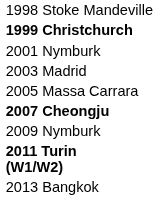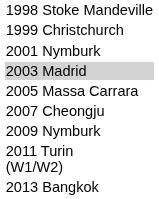 <table>
 <tr>
 <td>1998 Stoke Mandeville</td>
 <td></td>
 <td></td>
 <td></td>
 </tr>
 <tr>
-<td><strong>1999 Christchurch</strong></td>
+<td>1999 Christchurch</td>
 <td></td>
 <td></td>
 <td></td>
 </tr>
 <tr>
 <td>2001 Nymburk</td>
 <td></td>
 <td></td>
 <td></td>
 </tr>
 <tr>
-<td>2003 Madrid</td>
+<td style="background: lightgrey;">2003 Madrid</td>
 <td></td>
 <td></td>
 <td></td>
 </tr>
 <tr>
 <td>2005 Massa Carrara</td>
 <td></td>
 <td></td>
 <td></td>
 </tr>
 <tr>
-<td><strong>2007 Cheongju</strong></td>
+<td>2007 Cheongju</td>
 <td></td>
 <td></td>
 <td></td>
 </tr>
 <tr>
 <td>2009 Nymburk</td>
 <td></td>
 <td></td>
 <td></td>
 </tr>
 <tr>
-<td><strong>2011 Turin<br>(W1/W2)</strong></td>
+<td>2011 Turin<br>(W1/W2)</td>
 <td></td>
 <td></td>
 <td></td>
 </tr>
 <tr>
 <td>2013 Bangkok</td>
 <td></td>
 <td></td>
 <td></td>
 </tr>
 </table>
